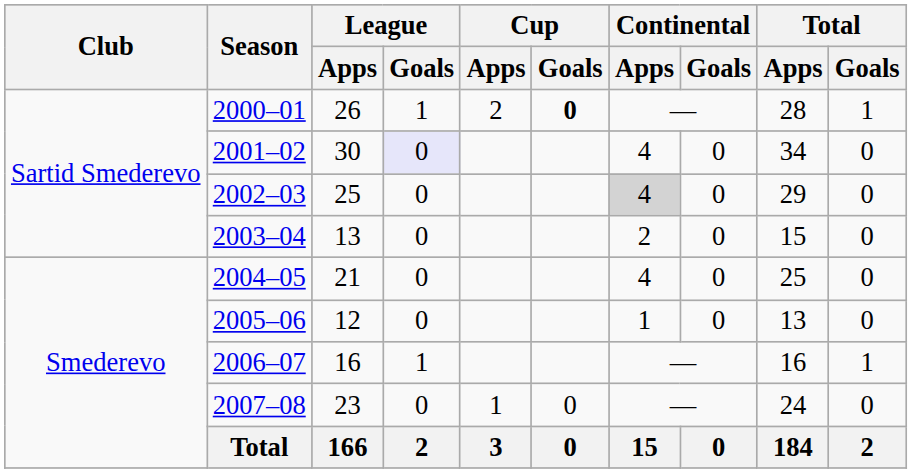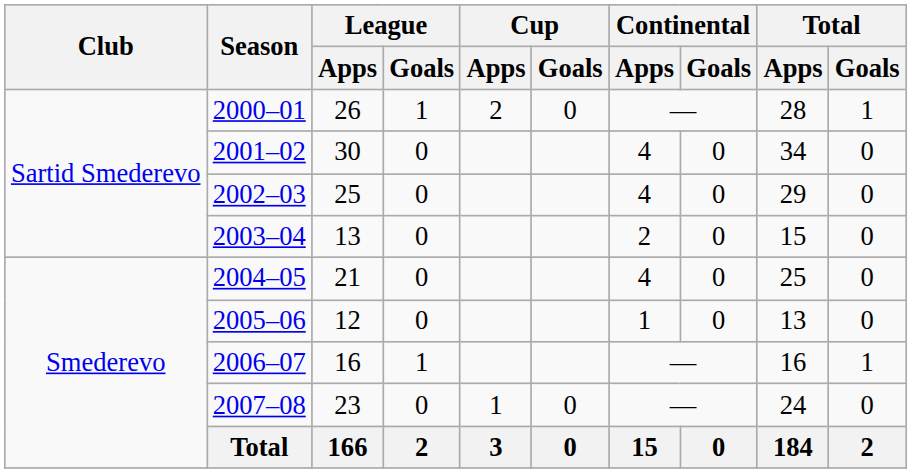 <table class="wikitable" style="text-align:center">
 <tr>
 <th rowspan="2">Club</th>
 <th rowspan="2">Season</th>
 <th colspan="2">League</th>
 <th colspan="2">Cup</th>
 <th colspan="2">Continental</th>
 <th colspan="2">Total</th>
 </tr>
 <tr>
 <th>Apps</th>
 <th>Goals</th>
 <th>Apps</th>
 <th>Goals</th>
 <th>Apps</th>
 <th>Goals</th>
 <th>Apps</th>
 <th>Goals</th>
 </tr>
 <tr>
 <td rowspan="4"><a href='#'>Sartid Smederevo</a></td>
 <td><a href='#'>2000–01</a></td>
 <td>26</td>
 <td>1</td>
 <td>2</td>
-<td><strong>0</strong></td>
+<td>0</td>
 <td colspan="2">—</td>
 <td>28</td>
 <td>1</td>
 </tr>
 <tr>
 <td><a href='#'>2001–02</a></td>
 <td>30</td>
-<td style="background: lavender;">0</td>
+<td>0</td>
 <td></td>
 <td></td>
 <td>4</td>
 <td>0</td>
 <td>34</td>
 <td>0</td>
 </tr>
 <tr>
 <td><a href='#'>2002–03</a></td>
 <td>25</td>
 <td>0</td>
 <td></td>
 <td></td>
-<td style="background: lightgrey;">4</td>
+<td>4</td>
 <td>0</td>
 <td>29</td>
 <td>0</td>
 </tr>
 <tr>
 <td><a href='#'>2003–04</a></td>
 <td>13</td>
 <td>0</td>
 <td></td>
 <td></td>
 <td>2</td>
 <td>0</td>
 <td>15</td>
 <td>0</td>
 </tr>
 <tr>
 <td rowspan="5"><a href='#'>Smederevo</a></td>
 <td><a href='#'>2004–05</a></td>
 <td>21</td>
 <td>0</td>
 <td></td>
 <td></td>
 <td>4</td>
 <td>0</td>
 <td>25</td>
 <td>0</td>
 </tr>
 <tr>
 <td><a href='#'>2005–06</a></td>
 <td>12</td>
 <td>0</td>
 <td></td>
 <td></td>
 <td>1</td>
 <td>0</td>
 <td>13</td>
 <td>0</td>
 </tr>
 <tr>
 <td><a href='#'>2006–07</a></td>
 <td>16</td>
 <td>1</td>
 <td></td>
 <td></td>
 <td colspan="2">—</td>
 <td>16</td>
 <td>1</td>
 </tr>
 <tr>
 <td><a href='#'>2007–08</a></td>
 <td>23</td>
 <td>0</td>
 <td>1</td>
 <td>0</td>
 <td colspan="2">—</td>
 <td>24</td>
 <td>0</td>
 </tr>
 <tr>
 <th>Total</th>
 <th>166</th>
 <th>2</th>
 <th>3</th>
 <th>0</th>
 <th>15</th>
 <th>0</th>
 <th>184</th>
 <th>2</th>
 </tr>
 </table>
